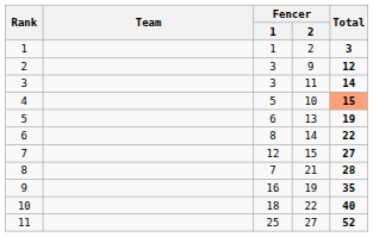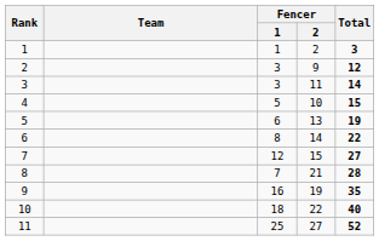 <table class=wikitable style="text-align:center">
 <tr>
 <th rowspan=2 width=40>Rank</th>
 <th rowspan=2 width=250>Team</th>
 <th colspan=2>Fencer</th>
 <th rowspan=2 width=40>Total</th>
 </tr>
 <tr>
 <th width=40>1</th>
 <th width=40>2</th>
 </tr>
 <tr>
 <td>1</td>
 <td align=left></td>
 <td>1</td>
 <td>2</td>
 <td><strong>3</strong></td>
 </tr>
 <tr>
 <td>2</td>
 <td align=left></td>
 <td>3</td>
 <td>9</td>
 <td><strong>12</strong></td>
 </tr>
 <tr>
 <td>3</td>
 <td align=left></td>
 <td>3</td>
 <td>11</td>
 <td><strong>14</strong></td>
 </tr>
 <tr>
 <td>4</td>
 <td align=left></td>
 <td>5</td>
 <td>10</td>
-<td style="background: lightsalmon;"><strong>15</strong></td>
+<td><strong>15</strong></td>
 </tr>
 <tr>
 <td>5</td>
 <td align=left></td>
 <td>6</td>
 <td>13</td>
 <td><strong>19</strong></td>
 </tr>
 <tr>
 <td>6</td>
 <td align=left></td>
 <td>8</td>
 <td>14</td>
 <td><strong>22</strong></td>
 </tr>
 <tr>
 <td>7</td>
 <td align=left></td>
 <td>12</td>
 <td>15</td>
 <td><strong>27</strong></td>
 </tr>
 <tr>
 <td>8</td>
 <td align=left></td>
 <td>7</td>
 <td>21</td>
 <td><strong>28</strong></td>
 </tr>
 <tr>
 <td>9</td>
 <td align=left></td>
 <td>16</td>
 <td>19</td>
 <td><strong>35</strong></td>
 </tr>
 <tr>
 <td>10</td>
 <td align=left></td>
 <td>18</td>
 <td>22</td>
 <td><strong>40</strong></td>
 </tr>
 <tr>
 <td>11</td>
 <td align=left></td>
 <td>25</td>
 <td>27</td>
 <td><strong>52</strong></td>
 </tr>
 </table>
